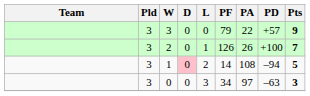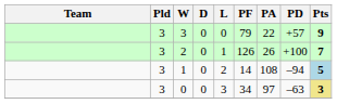 <table class="wikitable" style="text-align:center;">
 <tr>
 <th width=190>Team</th>
 <th width=20 abbr="Played">Pld</th>
 <th width=20 abbr="Won">W</th>
 <th width=20 abbr="Drawn">D</th>
 <th width=20 abbr="Lost">L</th>
 <th width=20 abbr="Points for">PF</th>
 <th width=20 abbr="Points against">PA</th>
 <th width=25 abbr="Points difference">PD</th>
 <th width=20 abbr="Points">Pts</th>
 </tr>
 <tr style="background:#ccffcc">
 <td align=left></td>
 <td>3</td>
 <td>3</td>
 <td>0</td>
 <td>0</td>
 <td>79</td>
 <td>22</td>
 <td>+57</td>
 <td><strong>9</strong></td>
 </tr>
 <tr style="background:#ccffcc">
 <td align=left></td>
 <td>3</td>
 <td>2</td>
 <td>0</td>
 <td>1</td>
 <td>126</td>
 <td>26</td>
 <td>+100</td>
 <td><strong>7</strong></td>
 </tr>
 <tr>
 <td align=left></td>
 <td>3</td>
 <td>1</td>
-<td style="background: pink;">0</td>
+<td>0</td>
 <td>2</td>
 <td>14</td>
 <td>108</td>
 <td>–94</td>
-<td><strong>5</strong></td>
+<td style="background: lightblue;"><strong>5</strong></td>
 </tr>
 <tr>
 <td align=left></td>
 <td>3</td>
 <td>0</td>
 <td>0</td>
 <td>3</td>
 <td>34</td>
 <td>97</td>
 <td>–63</td>
-<td><strong>3</strong></td>
+<td style="background: khaki;"><strong>3</strong></td>
 </tr>
 <tr>
 </tr>
 </table>
